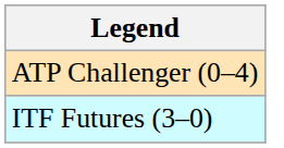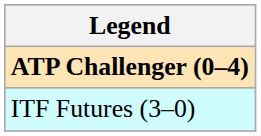 <table class=wikitable style=font-size:97%>
 <tr>
 <th>Legend</th>
 </tr>
 <tr bgcolor=moccasin>
-<td>ATP Challenger (0–4)</td>
+<td><strong>ATP Challenger (0–4)</strong></td>
 </tr>
 <tr bgcolor=cffcff>
 <td>ITF Futures (3–0)</td>
 </tr>
 </table>
